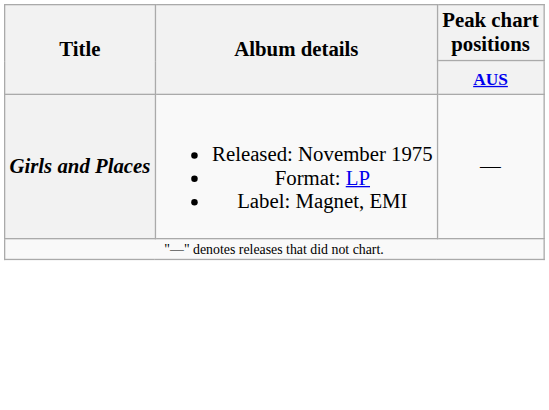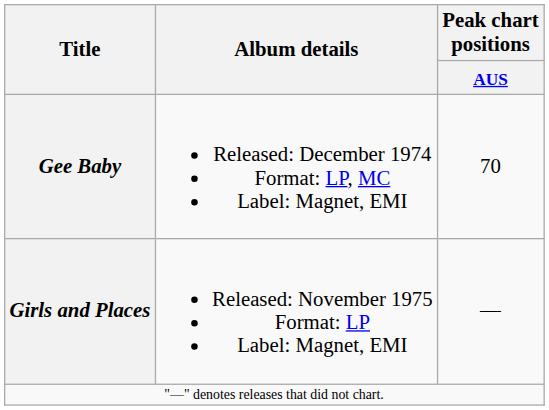 <table class="wikitable plainrowheaders" style="text-align:center;" border="1">
 <tr>
 <th scope="col" rowspan="2">Title</th>
 <th scope="col" rowspan="2">Album details</th>
 <th scope="col" colspan="1">Peak chart<br>positions</th>
 </tr>
 <tr>
 <th scope="col" style="text-align:center;"><small><a href='#'>AUS</a></small><br></th>
 </tr>
 <tr>
+<th scope="row"><em>Gee Baby</em></th>
+<td><br><ul><li>Released: December 1974</li><li>Format: <a href='#'>LP</a>, <a href='#'>MC</a></li><li>Label: Magnet, EMI</li></ul></td>
+<td align="center">70</td>
+</tr>
+<tr>
 <th scope="row"><em>Girls and Places</em></th>
 <td><br><ul><li>Released: November 1975</li><li>Format: <a href='#'>LP</a></li><li>Label: Magnet, EMI</li></ul></td>
 <td>—</td>
 </tr>
 <tr>
 <td colspan="3" style="font-size:8pt">"—" denotes releases that did not chart.</td>
 </tr>
 </table>
